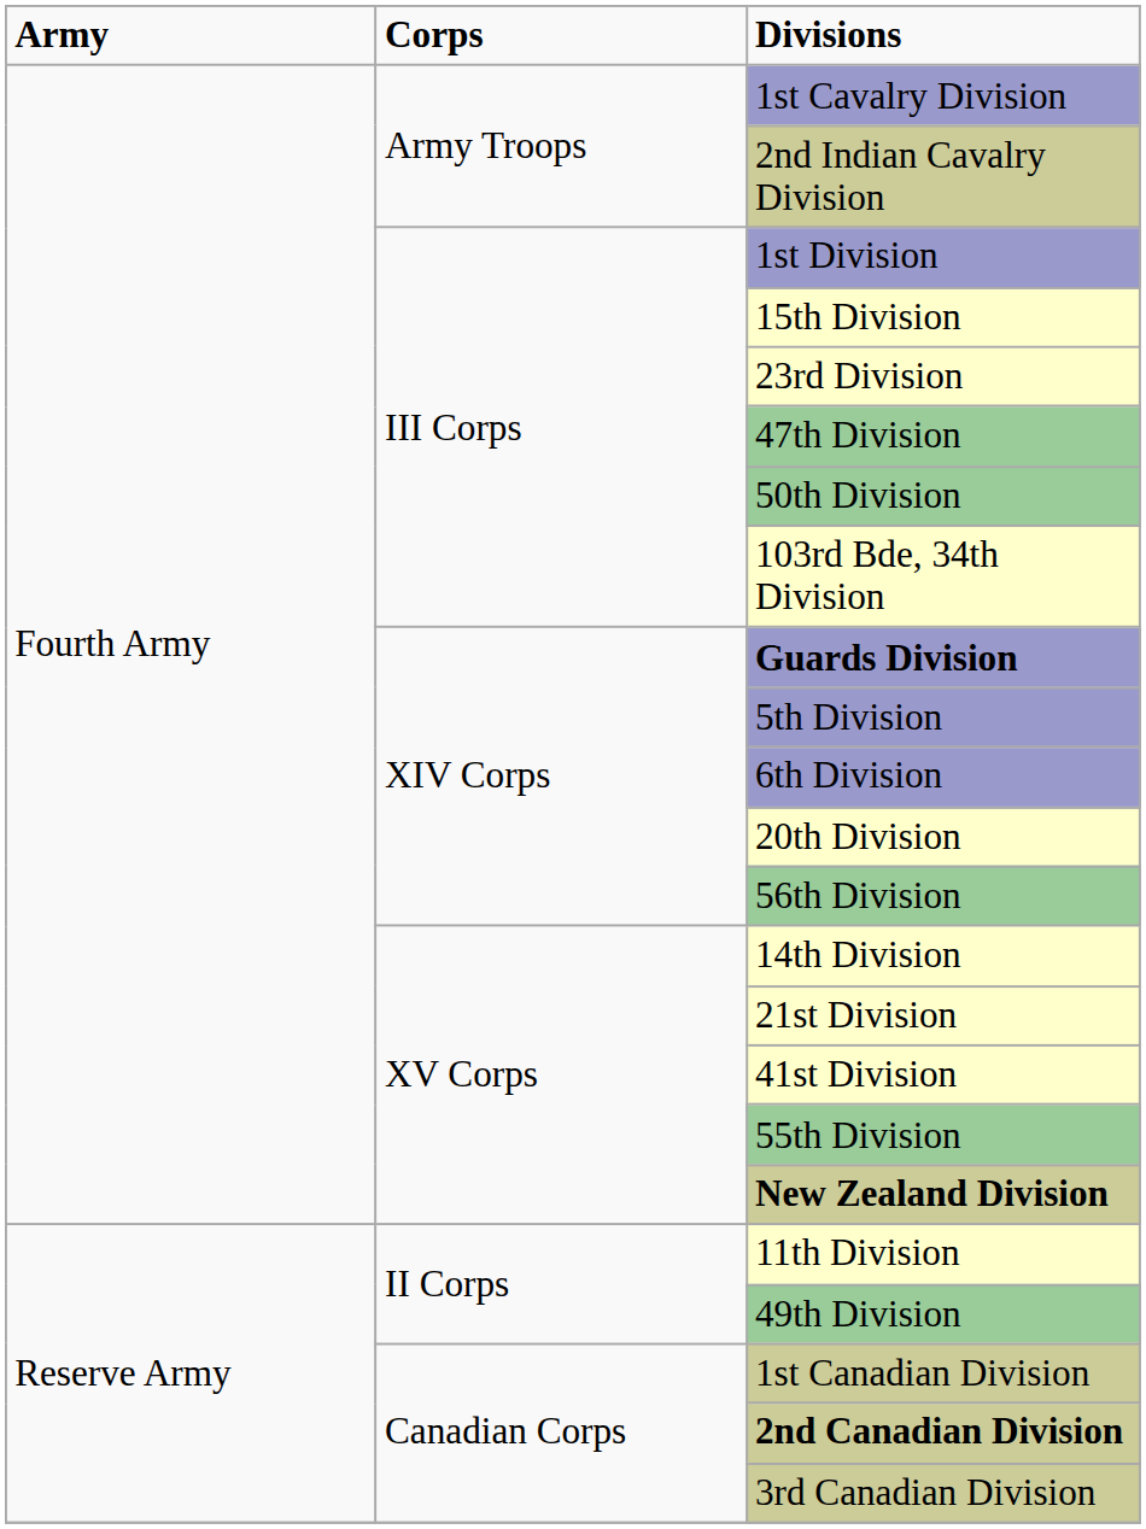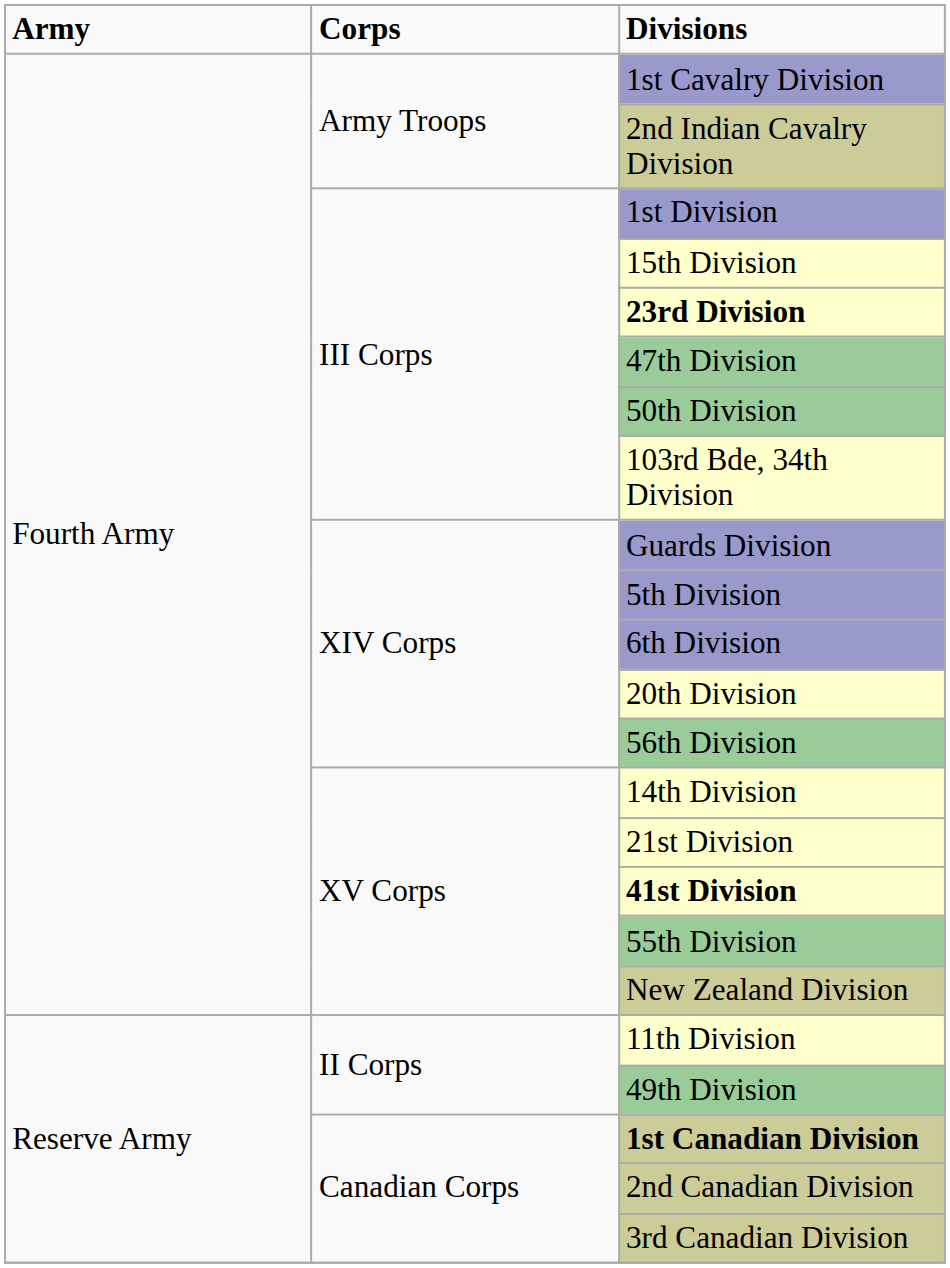 <table class="wikitable">
 <tr>
 <td width="150pt"><strong>Army</strong></td>
 <td width="150pt"><strong>Corps</strong></td>
 <td width="160pt"><strong>Divisions</strong></td>
 </tr>
 <tr>
 <td rowspan="18">Fourth Army</td>
 <td rowspan="2">Army Troops</td>
 <td style="background:#9999CC;">1st Cavalry Division</td>
 </tr>
 <tr>
 <td style="background:#CCCC99;">2nd Indian Cavalry Division</td>
 </tr>
 <tr>
 <td rowspan="6">III Corps</td>
 <td style="background:#9999CC">1st Division</td>
 </tr>
 <tr>
 <td style="background:#FFFFCC;">15th Division</td>
 </tr>
 <tr>
-<td style="background:#FFFFCC;">23rd Division</td>
+<td style="background:#FFFFCC;"><strong>23rd Division</strong></td>
 </tr>
 <tr>
 <td style="background:#99CC99">47th Division</td>
 </tr>
 <tr>
 <td style="background:#99CC99">50th Division</td>
 </tr>
 <tr>
 <td style="background:#FFFFCC;">103rd Bde, 34th Division</td>
 </tr>
 <tr>
 <td rowspan="5">XIV Corps</td>
-<td style="background:#9999CC"><strong>Guards Division</strong></td>
+<td style="background:#9999CC">Guards Division</td>
 </tr>
 <tr>
 <td style="background:#9999CC">5th Division</td>
 </tr>
 <tr>
 <td style="background:#9999CC">6th Division</td>
 </tr>
 <tr>
 <td style="background:#FFFFCC;">20th Division</td>
 </tr>
 <tr>
 <td style="background:#99CC99">56th Division</td>
 </tr>
 <tr>
 <td rowspan="5">XV Corps</td>
 <td style="background:#FFFFCC;">14th Division</td>
 </tr>
 <tr>
 <td style="background:#FFFFCC;">21st Division</td>
 </tr>
 <tr>
-<td style="background:#FFFFCC;">41st Division</td>
+<td style="background:#FFFFCC;"><strong>41st Division</strong></td>
 </tr>
 <tr>
 <td style="background:#99CC99">55th Division</td>
 </tr>
 <tr>
-<td style="background:#CCCC99;"><strong>New Zealand Division</strong></td>
+<td style="background:#CCCC99;">New Zealand Division</td>
 </tr>
 <tr>
 <td rowspan="5">Reserve Army</td>
 <td rowspan="2">II Corps</td>
 <td style="background:#FFFFCC;">11th Division</td>
 </tr>
 <tr>
 <td style="background:#99CC99">49th Division</td>
 </tr>
 <tr>
 <td rowspan="3">Canadian Corps</td>
-<td style="background:#CCCC99;">1st Canadian Division</td>
+<td style="background:#CCCC99;"><strong>1st Canadian Division</strong></td>
 </tr>
 <tr>
-<td style="background:#CCCC99;"><strong>2nd Canadian Division</strong></td>
+<td style="background:#CCCC99;">2nd Canadian Division</td>
 </tr>
 <tr>
 <td style="background:#CCCC99;">3rd Canadian Division</td>
 </tr>
 <tr>
 </tr>
 </table>
